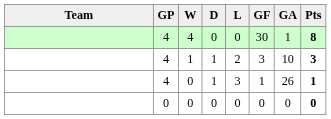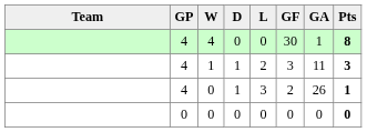 <table style=border-collapse:collapse border=1 cellspacing=0 cellpadding=5>
 <tr align=center bgcolor=#efefef>
 <th width=185>Team</th>
 <th width=20>GP</th>
 <th width=20>W</th>
 <th width=20>D</th>
 <th width=20>L</th>
 <th width=20>GF</th>
 <th width=20>GA</th>
 <th width=20>Pts</th>
 </tr>
 <tr bgcolor=#ccffcc align=center>
 <td style="text-align:left;"></td>
 <td>4</td>
 <td>4</td>
 <td>0</td>
 <td>0</td>
 <td>30</td>
 <td>1</td>
 <td><strong>8</strong></td>
 </tr>
 <tr align=center>
 <td style="text-align:left;"></td>
 <td>4</td>
 <td>1</td>
 <td>1</td>
 <td>2</td>
 <td>3</td>
-<td>10</td>
+<td>11</td>
 <td><strong>3</strong></td>
 </tr>
 <tr align=center>
 <td style="text-align:left;"></td>
 <td>4</td>
 <td>0</td>
 <td>1</td>
 <td>3</td>
-<td>1</td>
+<td>2</td>
 <td>26</td>
 <td><strong>1</strong></td>
 </tr>
 <tr align=center>
 <td style="text-align:left;"></td>
 <td>0</td>
 <td>0</td>
 <td>0</td>
 <td>0</td>
 <td>0</td>
 <td>0</td>
 <td><strong>0</strong></td>
 </tr>
 </table>
